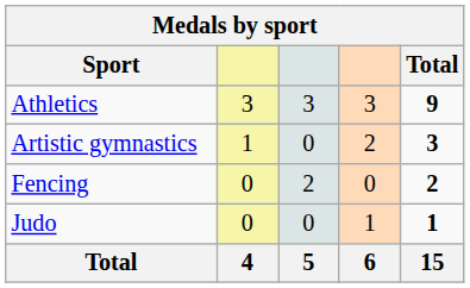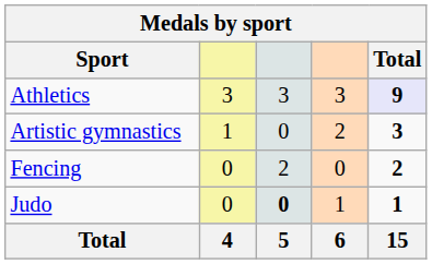 <table class="wikitable" style="font-size:90%; text-align:center;">
 <tr>
 <th colspan=5>Medals by sport</th>
 </tr>
 <tr>
 <th width=120>Sport</th>
 <th scope="col" width=30 style="background:#F7F6A8;"></th>
 <th scope="col" width=30 style="background:#DCE5E5;"></th>
 <th scope="col" width=30 style="background:#FFDAB9;"></th>
 <th width=30>Total</th>
 </tr>
 <tr>
 <td align=left><a href='#'>Athletics</a></td>
 <td style="background:#F7F6A8;">3</td>
 <td style="background:#DCE5E5;">3</td>
 <td style="background:#FFDAB9;">3</td>
-<td><strong>9</strong></td>
+<td style="background: lavender;"><strong>9</strong></td>
 </tr>
 <tr>
 <td align=left><a href='#'>Artistic gymnastics</a></td>
 <td style="background:#F7F6A8;">1</td>
 <td style="background:#DCE5E5;">0</td>
 <td style="background:#FFDAB9;">2</td>
 <td><strong>3</strong></td>
 </tr>
 <tr>
 <td align=left><a href='#'>Fencing</a></td>
 <td style="background:#F7F6A8;">0</td>
 <td style="background:#DCE5E5;">2</td>
 <td style="background:#FFDAB9;">0</td>
 <td><strong>2</strong></td>
 </tr>
 <tr>
 <td align=left><a href='#'>Judo</a></td>
 <td style="background:#F7F6A8;">0</td>
-<td style="background:#DCE5E5;">0</td>
+<td style="background:#DCE5E5;"><strong>0</strong></td>
 <td style="background:#FFDAB9;">1</td>
 <td><strong>1</strong></td>
 </tr>
 <tr class="sortbottom">
 <th>Total</th>
 <th>4</th>
 <th>5</th>
 <th>6</th>
 <th>15</th>
 </tr>
 </table>
